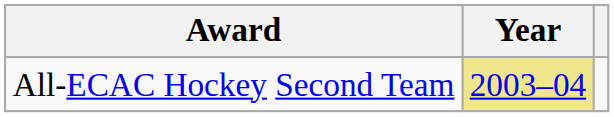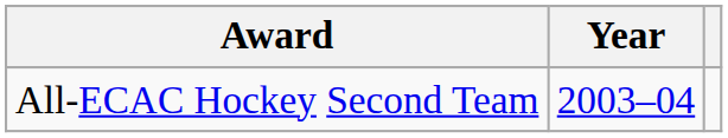 <table class="wikitable">
 <tr>
 <th>Award</th>
 <th>Year</th>
 <th></th>
 </tr>
 <tr>
 <td>All-<a href='#'>ECAC Hockey</a> <a href='#'>Second Team</a></td>
-<td style="background: khaki;"><a href='#'>2003–04</a></td>
+<td><a href='#'>2003–04</a></td>
 <td></td>
 </tr>
 </table>
